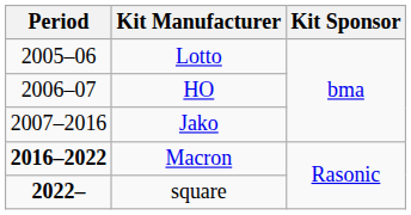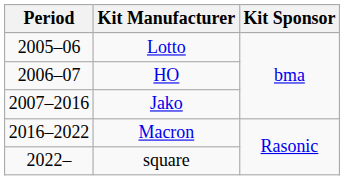 <table class="wikitable" style="text-align: center">
 <tr>
 <th>Period</th>
 <th>Kit Manufacturer</th>
 <th>Kit Sponsor</th>
 </tr>
 <tr>
 <td>2005–06</td>
 <td><a href='#'>Lotto</a></td>
 <td rowspan=3><a href='#'>bma</a></td>
 </tr>
 <tr>
 <td>2006–07</td>
 <td><a href='#'>HO</a></td>
 </tr>
 <tr>
 <td>2007–2016</td>
 <td><a href='#'>Jako</a></td>
 </tr>
 <tr>
-<td><strong>2016–2022</strong></td>
+<td>2016–2022</td>
 <td><a href='#'>Macron</a></td>
 <td rowspan=2><a href='#'>Rasonic</a></td>
 </tr>
 <tr>
-<td><strong>2022–</strong></td>
+<td>2022–</td>
 <td>square</td>
 </tr>
 </table>
